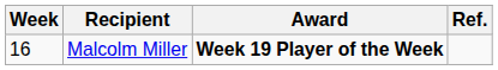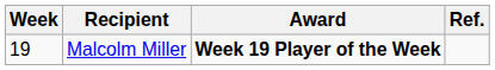 <table class="wikitable">
 <tr>
 <th>Week</th>
 <th>Recipient</th>
 <th>Award</th>
 <th>Ref.</th>
 </tr>
 <tr>
-<td>16</td>
+<td>19</td>
 <td><a href='#'>Malcolm Miller</a></td>
 <td><strong>Week 19 Player of the Week</strong></td>
 <td></td>
 </tr>
 </table>
